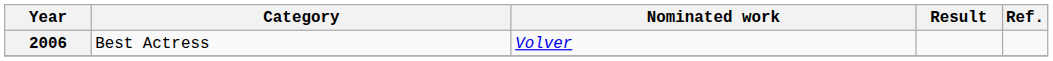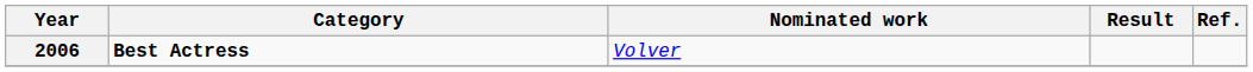 <table class=wikitable>
 <tr>
 <th scope="col" style="width:5em;">Year</th>
 <th scope="col" style="width:26em;">Category</th>
 <th scope="col" style="width:25em;">Nominated work</th>
 <th scope="col" style="width:5em;">Result</th>
 <th>Ref.</th>
 </tr>
 <tr>
 <th style="text-align:center;">2006</th>
-<td>Best Actress</td>
+<td><strong>Best Actress</strong></td>
 <td><em><a href='#'>Volver</a></em></td>
 <td></td>
 <td></td>
 </tr>
 <tr>
 </tr>
 </table>
